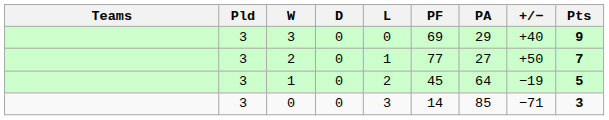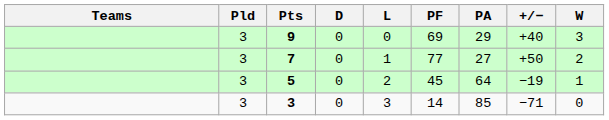 <table class="wikitable" style="text-align: center;">
 <tr>
 <th width="200">Teams</th>
 <th width="40">Pld</th>
-<th width="40">W</th>
+<th width="40">Pts</th>
 <th width="40">D</th>
 <th width="40">L</th>
 <th width="40">PF</th>
 <th width="40">PA</th>
 <th width="40">+/−</th>
-<th width="40">Pts</th>
+<th width="40">W</th>
 </tr>
 <tr style="background:#cfc; width:20px;">
 <td align=left></td>
 <td>3</td>
-<td>3</td>
+<td><strong>9</strong></td>
 <td>0</td>
 <td>0</td>
 <td>69</td>
 <td>29</td>
 <td>+40</td>
-<td><strong>9</strong></td>
+<td>3</td>
 </tr>
 <tr style="background:#cfc; width:20px;">
 <td align=left></td>
 <td>3</td>
-<td>2</td>
+<td><strong>7</strong></td>
 <td>0</td>
 <td>1</td>
 <td>77</td>
 <td>27</td>
 <td>+50</td>
-<td><strong>7</strong></td>
+<td>2</td>
 </tr>
 <tr style="background:#cfc; width:20px;">
 <td align=left></td>
 <td>3</td>
-<td>1</td>
+<td><strong>5</strong></td>
 <td>0</td>
 <td>2</td>
 <td>45</td>
 <td>64</td>
 <td>−19</td>
-<td><strong>5</strong></td>
+<td>1</td>
 </tr>
 <tr>
 <td align=left></td>
 <td>3</td>
-<td>0</td>
+<td><strong>3</strong></td>
 <td>0</td>
 <td>3</td>
 <td>14</td>
 <td>85</td>
 <td>−71</td>
-<td><strong>3</strong></td>
+<td>0</td>
 </tr>
 </table>
